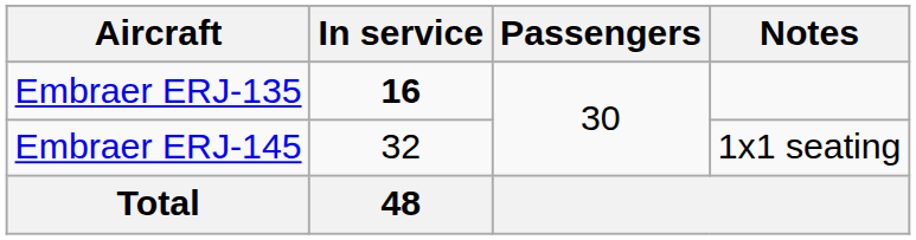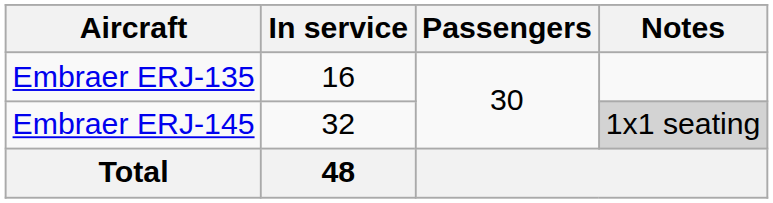 <table class="wikitable" style="margin:1em auto;text-align:center">
 <tr>
 <th>Aircraft</th>
 <th>In service</th>
 <th>Passengers</th>
 <th>Notes</th>
 </tr>
 <tr>
 <td><a href='#'>Embraer ERJ-135</a></td>
-<td><strong>16</strong></td>
+<td>16</td>
 <td rowspan="2">30</td>
 <td></td>
 </tr>
 <tr>
 <td><a href='#'>Embraer ERJ-145</a></td>
 <td>32</td>
-<td>1x1 seating</td>
+<td style="background: lightgrey;">1x1 seating</td>
 </tr>
 <tr>
 <th>Total</th>
 <th>48</th>
 <th colspan="2"></th>
 </tr>
 </table>
